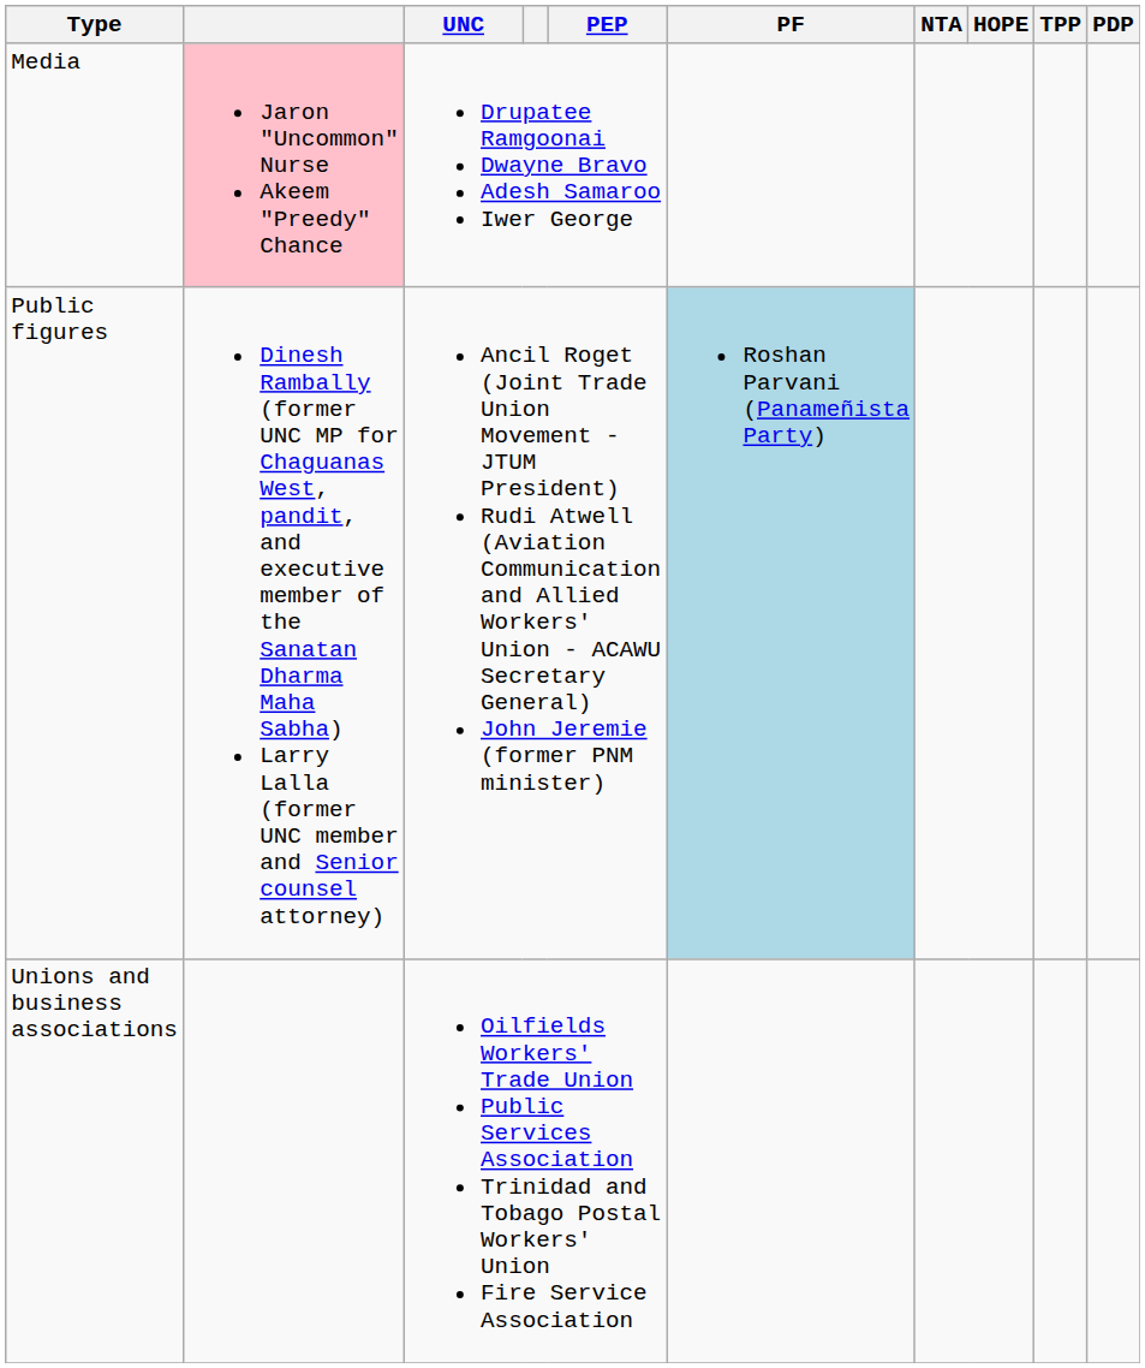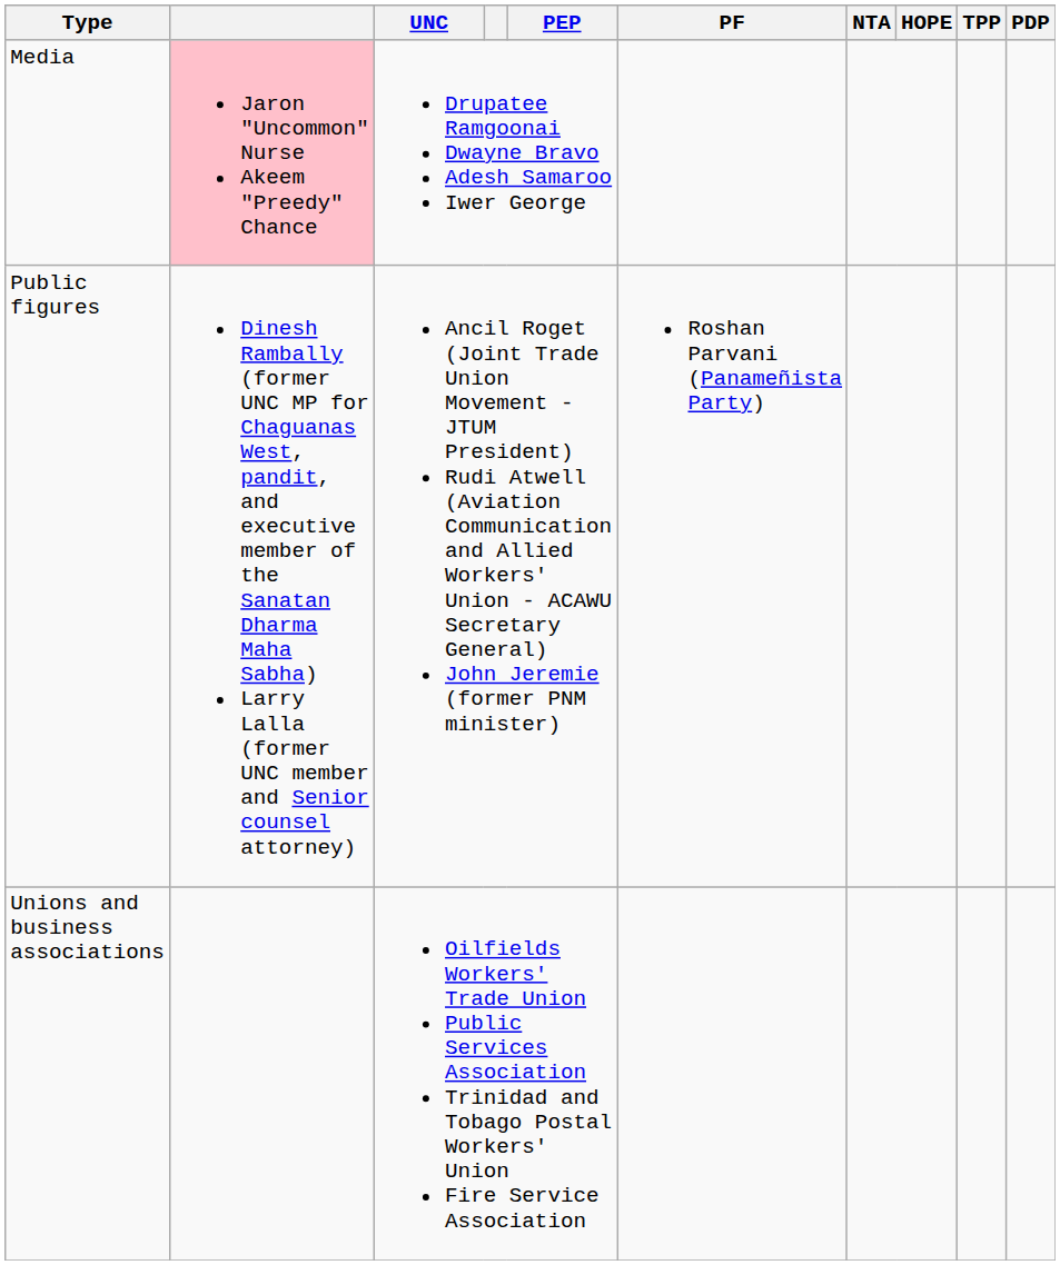 <table class="wikitable">
 <tr>
 <th>Type</th>
 <th style="background-color:"><a href='#'></a></th>
 <th style="background-color:"><a href='#'>UNC</a></th>
 <th style="background-color:"><a href='#'></a></th>
 <th style="background-color:"><a href='#'>PEP</a></th>
 <th style="background-color:">PF</th>
 <th style="background-color:">NTA</th>
 <th style="background-color:">HOPE</th>
 <th style="background-color:">TPP</th>
 <th style="background-color:">PDP</th>
 </tr>
 <tr>
 <td valign="top">Media</td>
 <td valign="top" style="background: pink;"><br><ul><li>Jaron "Uncommon" Nurse</li><li>Akeem "Preedy" Chance</li></ul></td>
 <td colspan="3" valign="top"><br><ul><li><a href='#'>Drupatee Ramgoonai</a></li><li><a href='#'>Dwayne Bravo</a></li><li><a href='#'>Adesh Samaroo</a></li><li>Iwer George</li></ul></td>
 <td></td>
 <td colspan="2"></td>
 <td></td>
 <td></td>
 </tr>
 <tr>
 <td valign="top">Public figures</td>
 <td valign="top"><br><ul><li><a href='#'>Dinesh Rambally</a> (former UNC MP for <a href='#'>Chaguanas West</a>, <a href='#'>pandit</a>, and executive member of the <a href='#'>Sanatan Dharma Maha Sabha</a>)</li><li>Larry Lalla (former UNC member and <a href='#'>Senior counsel</a> attorney)</li></ul></td>
 <td colspan="3" valign="top"><br><ul><li>Ancil Roget (Joint Trade Union Movement - JTUM President)</li><li>Rudi Atwell (Aviation Communication and Allied Workers' Union - ACAWU Secretary General)</li><li><a href='#'>John Jeremie</a> (former PNM minister)</li></ul></td>
-<td valign="top" style="background: lightblue;"><br><ul><li>Roshan Parvani (<a href='#'>Panameñista Party</a>)</li></ul></td>
+<td valign="top"><br><ul><li>Roshan Parvani (<a href='#'>Panameñista Party</a>)</li></ul></td>
 <td colspan="2"></td>
 <td></td>
 <td></td>
 </tr>
 <tr>
 <td valign="top">Unions and business associations</td>
 <td></td>
 <td colspan="3" valign="top"><br><ul><li><a href='#'>Oilfields Workers' Trade Union</a></li><li><a href='#'>Public Services Association</a></li><li>Trinidad and Tobago Postal Workers' Union</li><li>Fire Service Association</li></ul></td>
 <td></td>
 <td colspan="2"></td>
 <td></td>
 <td></td>
 </tr>
 </table>
